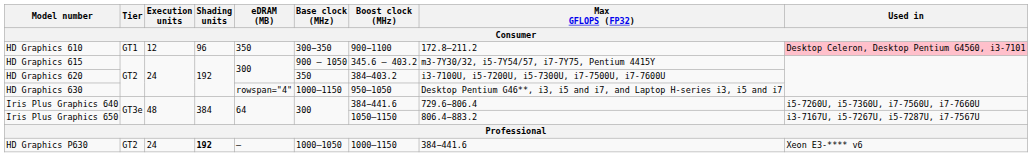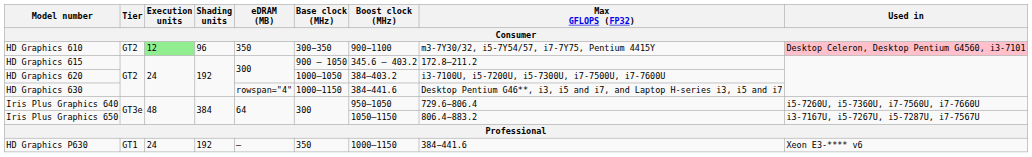 <table class="wikitable">
 <tr>
 <th>Model number</th>
 <th>Tier</th>
 <th>Execution <br> units</th>
 <th>Shading <br> units</th>
 <th>eDRAM<br>(MB)</th>
 <th>Base clock <br> (MHz)</th>
 <th>Boost clock <br> (MHz)</th>
 <th>Max <br> <a href='#'>GFLOPS</a> (<a href='#'>FP32</a>)</th>
 <th>Used in</th>
 </tr>
 <tr>
 <th colspan=10>Consumer</th>
 </tr>
 <tr>
 <td>HD Graphics 610</td>
-<td>GT1</td>
-<td>12</td>
+<td>GT2</td>
+<td style="background: lightgreen;">12</td>
 <td>96</td>
 <td>350</td>
 <td>300−350</td>
 <td>900−1100</td>
-<td>172.8–211.2</td>
+<td>m3-7Y30/32, i5-7Y54/57, i7-7Y75, Pentium 4415Y</td>
 <td style="background: pink;">Desktop Celeron, Desktop Pentium G4560, i3-7101</td>
 </tr>
 <tr>
 <td>HD Graphics 615</td>
 <td rowspan="3">GT2</td>
 <td rowspan="3">24</td>
 <td rowspan="3">192</td>
 <td rowspan="2">300</td>
 <td>900 – 1050</td>
 <td>345.6 – 403.2</td>
-<td>m3-7Y30/32, i5-7Y54/57, i7-7Y75, Pentium 4415Y</td>
+<td>172.8–211.2</td>
 </tr>
 <tr>
 <td>HD Graphics 620</td>
-<td>350</td>
+<td>1000–1050</td>
 <td>384–403.2</td>
 <td>i3-7100U, i5-7200U, i5-7300U, i7-7500U, i7-7600U</td>
 </tr>
 <tr>
 <td>HD Graphics 630</td>
 <td>rowspan="4" </td>
 <td>1000–1150</td>
-<td>950–1050</td>
+<td>384−441.6</td>
 <td>Desktop Pentium G46**, i3, i5 and i7, and Laptop H-series i3, i5 and i7</td>
 </tr>
 <tr>
 <td>Iris Plus Graphics 640</td>
 <td rowspan="2">GT3e</td>
 <td rowspan="2">48</td>
 <td rowspan="2">384</td>
 <td rowspan="2">64</td>
 <td rowspan="2">300</td>
-<td>384−441.6</td>
+<td>950–1050</td>
 <td>729.6−806.4</td>
 <td>i5-7260U, i5-7360U, i7-7560U, i7-7660U</td>
 </tr>
 <tr>
 <td>Iris Plus Graphics 650</td>
 <td>1050–1150</td>
 <td>806.4−883.2</td>
 <td>i3-7167U, i5-7267U, i5-7287U, i7-7567U</td>
 </tr>
 <tr>
 <th colspan=10>Professional</th>
 </tr>
 <tr>
 <td>HD Graphics P630</td>
-<td>GT2</td>
+<td>GT1</td>
 <td>24</td>
-<td><strong>192</strong></td>
+<td>192</td>
 <td>–</td>
-<td>1000–1050</td>
+<td>350</td>
 <td>1000–1150</td>
 <td>384−441.6</td>
 <td>Xeon E3-**** v6</td>
 </tr>
 </table>
